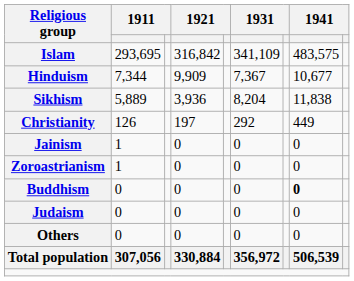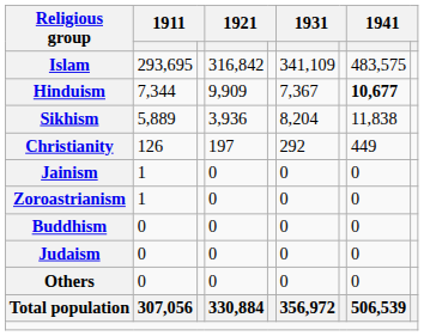 <table class="wikitable sortable">
 <tr>
 <th rowspan="2"><a href='#'>Religious</a><br>group</th>
 <th colspan="2">1911</th>
 <th colspan="2">1921</th>
 <th colspan="2">1931</th>
 <th colspan="2">1941</th>
 </tr>
 <tr>
 <th><a href='#'></a></th>
 <th></th>
 <th></th>
 <th></th>
 <th></th>
 <th></th>
 <th></th>
 <th></th>
 </tr>
 <tr>
 <th><a href='#'>Islam</a> </th>
 <td>293,695</td>
 <td></td>
 <td>316,842</td>
 <td></td>
 <td>341,109</td>
 <td></td>
 <td>483,575</td>
 <td></td>
 </tr>
 <tr>
 <th><a href='#'>Hinduism</a> </th>
 <td>7,344</td>
 <td></td>
 <td>9,909</td>
 <td></td>
 <td>7,367</td>
 <td></td>
-<td>10,677</td>
+<td><strong>10,677</strong></td>
 <td></td>
 </tr>
 <tr>
 <th><a href='#'>Sikhism</a> </th>
 <td>5,889</td>
 <td></td>
 <td>3,936</td>
 <td></td>
 <td>8,204</td>
 <td></td>
 <td>11,838</td>
 <td></td>
 </tr>
 <tr>
 <th><a href='#'>Christianity</a> </th>
 <td>126</td>
 <td></td>
 <td>197</td>
 <td></td>
 <td>292</td>
 <td></td>
 <td>449</td>
 <td></td>
 </tr>
 <tr>
 <th><a href='#'>Jainism</a> </th>
 <td>1</td>
 <td></td>
 <td>0</td>
 <td></td>
 <td>0</td>
 <td></td>
 <td>0</td>
 <td></td>
 </tr>
 <tr>
 <th><a href='#'>Zoroastrianism</a> </th>
 <td>1</td>
 <td></td>
 <td>0</td>
 <td></td>
 <td>0</td>
 <td></td>
 <td>0</td>
 <td></td>
 </tr>
 <tr>
 <th><a href='#'>Buddhism</a> </th>
 <td>0</td>
 <td></td>
 <td>0</td>
 <td></td>
 <td>0</td>
 <td></td>
-<td><strong>0</strong></td>
+<td>0</td>
 <td></td>
 </tr>
 <tr>
 <th><a href='#'>Judaism</a> </th>
 <td>0</td>
 <td></td>
 <td>0</td>
 <td></td>
 <td>0</td>
 <td></td>
 <td>0</td>
 <td></td>
 </tr>
 <tr>
 <th>Others</th>
 <td>0</td>
 <td></td>
 <td>0</td>
 <td></td>
 <td>0</td>
 <td></td>
 <td>0</td>
 <td></td>
 </tr>
 <tr>
 <th>Total population</th>
 <th>307,056</th>
 <th></th>
 <th>330,884</th>
 <th></th>
 <th>356,972</th>
 <th></th>
 <th>506,539</th>
 <th></th>
 </tr>
 <tr class="sortbottom">
 <td colspan="9"></td>
 </tr>
 </table>
